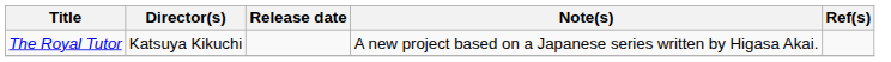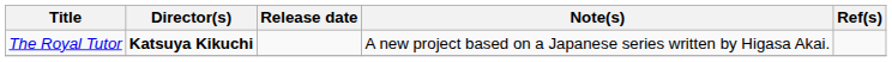 <table class="wikitable sortable">
 <tr>
 <th scope="col">Title</th>
 <th scope="col">Director(s)</th>
 <th scope="col">Release date</th>
 <th scope="col" class="unsortable">Note(s)</th>
 <th scope="col" class="unsortable">Ref(s)</th>
 </tr>
 <tr>
 <td><em><a href='#'>The Royal Tutor</a></em></td>
-<td>Katsuya Kikuchi</td>
+<td><strong>Katsuya Kikuchi</strong></td>
 <td></td>
 <td>A new project based on a Japanese series written by Higasa Akai.</td>
 <td style="text-align:center"></td>
 </tr>
 <tr>
 </tr>
 </table>
